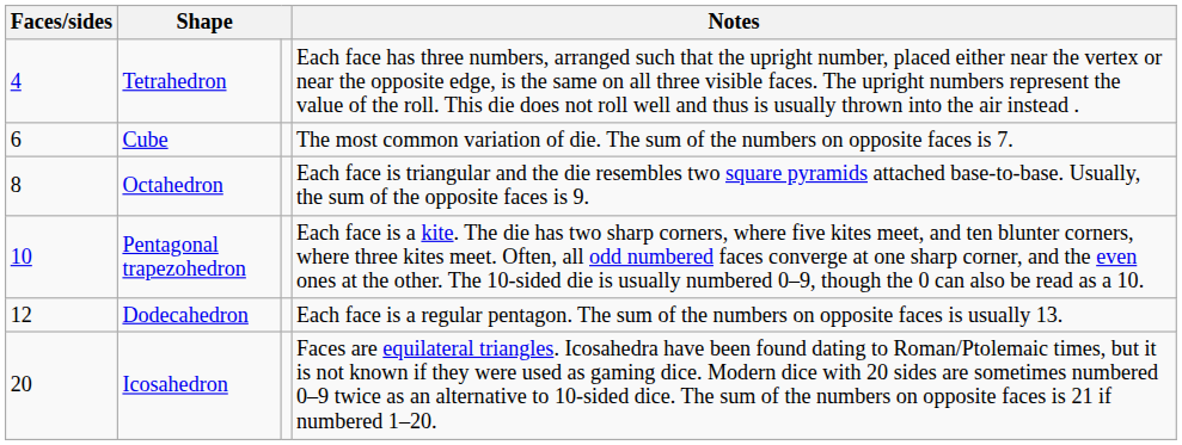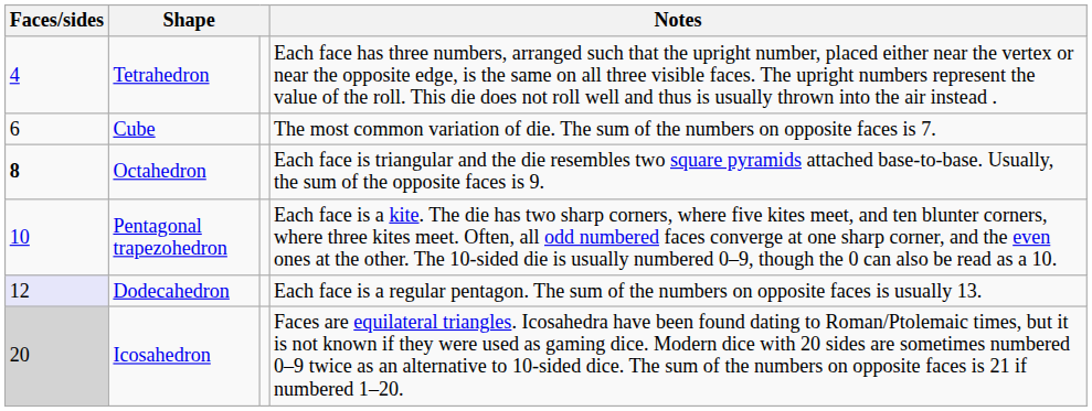 <table class="wikitable">
 <tr>
 <th>Faces/sides</th>
 <th colspan="2">Shape</th>
 <th>Notes</th>
 </tr>
 <tr>
 <td><a href='#'>4</a></td>
 <td><a href='#'>Tetrahedron</a></td>
 <td></td>
 <td>Each face has three numbers, arranged such that the upright number, placed either near the vertex or near the opposite edge, is the same on all three visible faces. The upright numbers represent the value of the roll. This die does not roll well and thus is usually thrown into the air instead .</td>
 </tr>
 <tr>
 <td>6</td>
 <td><a href='#'>Cube</a></td>
 <td></td>
 <td>The most common variation of die. The sum of the numbers on opposite faces is 7.</td>
 </tr>
 <tr>
-<td>8</td>
+<td><strong>8</strong></td>
 <td><a href='#'>Octahedron</a></td>
 <td></td>
 <td>Each face is triangular and the die resembles two <a href='#'>square pyramids</a> attached base-to-base. Usually, the sum of the opposite faces is 9.</td>
 </tr>
 <tr>
 <td><a href='#'>10</a></td>
 <td><a href='#'>Pentagonal trapezohedron</a></td>
 <td></td>
 <td>Each face is a <a href='#'>kite</a>. The die has two sharp corners, where five kites meet, and ten blunter corners, where three kites meet. Often, all <a href='#'>odd numbered</a> faces converge at one sharp corner, and the <a href='#'>even</a> ones at the other. The 10-sided die is usually numbered 0–9, though the 0 can also be read as a 10.</td>
 </tr>
 <tr>
-<td>12</td>
+<td style="background: lavender;">12</td>
 <td><a href='#'>Dodecahedron</a></td>
 <td></td>
 <td>Each face is a regular pentagon. The sum of the numbers on opposite faces is usually 13.</td>
 </tr>
 <tr>
-<td>20</td>
+<td style="background: lightgrey;">20</td>
 <td><a href='#'>Icosahedron</a></td>
 <td></td>
 <td>Faces are <a href='#'>equilateral triangles</a>. Icosahedra have been found dating to Roman/Ptolemaic times, but it is not known if they were used as gaming dice. Modern dice with 20 sides are sometimes numbered 0–9 twice as an alternative to 10-sided dice. The sum of the numbers on opposite faces is 21 if numbered 1–20.</td>
 </tr>
 </table>
